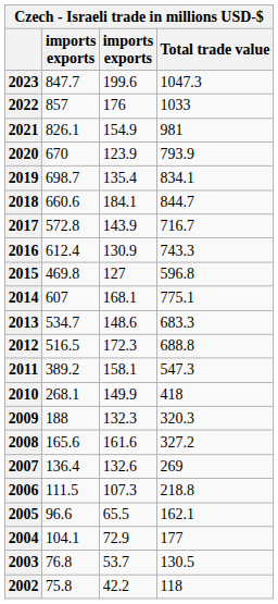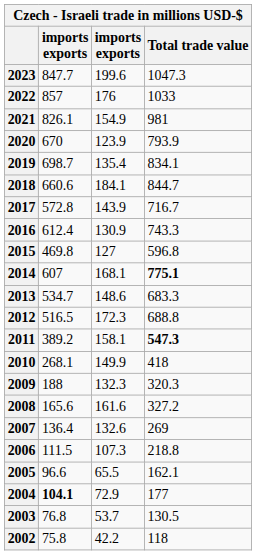 <table class="wikitable mw-collapsible mw-collapsed">
 <tr>
 <th colspan="4">Czech - Israeli trade in millions USD-$</th>
 </tr>
 <tr>
 <th></th>
 <th> imports<br> exports</th>
 <th> imports<br> exports</th>
 <th>Total trade value</th>
 </tr>
 <tr>
 <th>2023</th>
 <td>847.7</td>
 <td>199.6</td>
 <td>1047.3</td>
 </tr>
 <tr>
 <th>2022</th>
 <td>857</td>
 <td>176</td>
 <td>1033</td>
 </tr>
 <tr>
 <th>2021</th>
 <td>826.1</td>
 <td>154.9</td>
 <td>981</td>
 </tr>
 <tr>
 <th>2020</th>
 <td>670</td>
 <td>123.9</td>
 <td>793.9</td>
 </tr>
 <tr>
 <th>2019</th>
 <td>698.7</td>
 <td>135.4</td>
 <td>834.1</td>
 </tr>
 <tr>
 <th>2018</th>
 <td>660.6</td>
 <td>184.1</td>
 <td>844.7</td>
 </tr>
 <tr>
 <th>2017</th>
 <td>572.8</td>
 <td>143.9</td>
 <td>716.7</td>
 </tr>
 <tr>
 <th>2016</th>
 <td>612.4</td>
 <td>130.9</td>
 <td>743.3</td>
 </tr>
 <tr>
 <th>2015</th>
 <td>469.8</td>
 <td>127</td>
 <td>596.8</td>
 </tr>
 <tr>
 <th>2014</th>
 <td>607</td>
 <td>168.1</td>
-<td>775.1</td>
+<td><strong>775.1</strong></td>
 </tr>
 <tr>
 <th>2013</th>
 <td>534.7</td>
 <td>148.6</td>
 <td>683.3</td>
 </tr>
 <tr>
 <th>2012</th>
 <td>516.5</td>
 <td>172.3</td>
 <td>688.8</td>
 </tr>
 <tr>
 <th>2011</th>
 <td>389.2</td>
 <td>158.1</td>
-<td>547.3</td>
+<td><strong>547.3</strong></td>
 </tr>
 <tr>
 <th>2010</th>
 <td>268.1</td>
 <td>149.9</td>
 <td>418</td>
 </tr>
 <tr>
 <th>2009</th>
 <td>188</td>
 <td>132.3</td>
 <td>320.3</td>
 </tr>
 <tr>
 <th>2008</th>
 <td>165.6</td>
 <td>161.6</td>
 <td>327.2</td>
 </tr>
 <tr>
 <th>2007</th>
 <td>136.4</td>
 <td>132.6</td>
 <td>269</td>
 </tr>
 <tr>
 <th>2006</th>
 <td>111.5</td>
 <td>107.3</td>
 <td>218.8</td>
 </tr>
 <tr>
 <th>2005</th>
 <td>96.6</td>
 <td>65.5</td>
 <td>162.1</td>
 </tr>
 <tr>
 <th>2004</th>
-<td>104.1</td>
+<td><strong>104.1</strong></td>
 <td>72.9</td>
 <td>177</td>
 </tr>
 <tr>
 <th>2003</th>
 <td>76.8</td>
 <td>53.7</td>
 <td>130.5</td>
 </tr>
 <tr>
 <th>2002</th>
 <td>75.8</td>
 <td>42.2</td>
 <td>118</td>
 </tr>
 </table>
